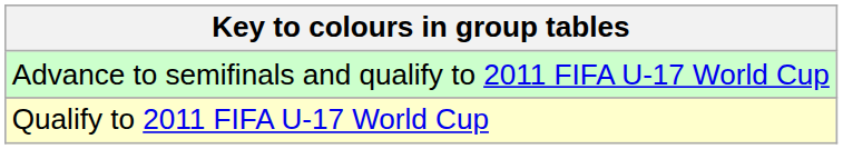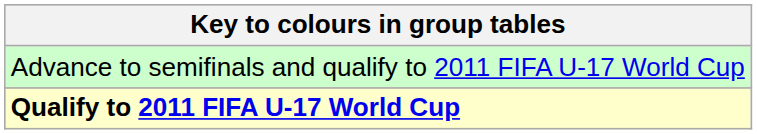 <table class="wikitable">
 <tr>
 <th colspan=2>Key to colours in group tables</th>
 </tr>
 <tr>
 <td bgcolor=ccffcc>Advance to semifinals and qualify to <a href='#'>2011 FIFA U-17 World Cup</a></td>
 </tr>
 <tr>
-<td bgcolor=ffffcc>Qualify to <a href='#'>2011 FIFA U-17 World Cup</a></td>
+<td bgcolor=ffffcc><strong>Qualify to <a href='#'>2011 FIFA U-17 World Cup</a></strong></td>
 </tr>
 </table>
